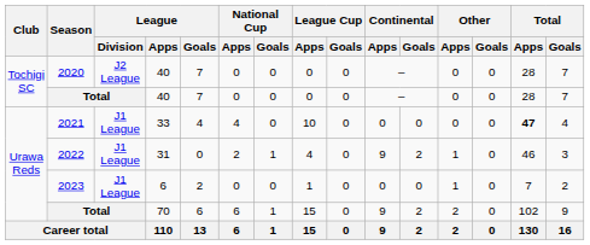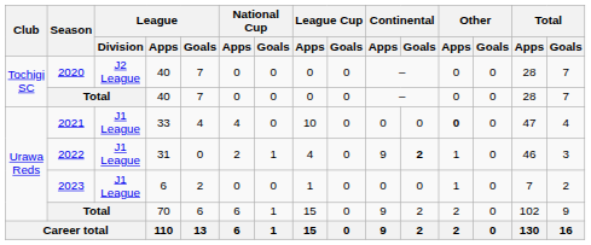 <table class="wikitable" style="text-align: center">
 <tr>
 <th rowspan="2">Club</th>
 <th rowspan="2">Season</th>
 <th colspan="3">League</th>
 <th colspan="2">National Cup</th>
 <th colspan="2">League Cup</th>
 <th colspan="2">Continental</th>
 <th colspan="2">Other</th>
 <th colspan="2">Total</th>
 </tr>
 <tr>
 <th>Division</th>
 <th>Apps</th>
 <th>Goals</th>
 <th>Apps</th>
 <th>Goals</th>
 <th>Apps</th>
 <th>Goals</th>
 <th>Apps</th>
 <th>Goals</th>
 <th>Apps</th>
 <th>Goals</th>
 <th>Apps</th>
 <th>Goals</th>
 </tr>
 <tr>
 <td rowspan="2"><a href='#'>Tochigi SC</a></td>
 <td><a href='#'>2020</a></td>
 <td><a href='#'>J2 League</a></td>
 <td>40</td>
 <td>7</td>
 <td>0</td>
 <td>0</td>
 <td>0</td>
 <td>0</td>
 <td colspan="2">–</td>
 <td>0</td>
 <td>0</td>
 <td>28</td>
 <td>7</td>
 </tr>
 <tr>
 <th colspan="2">Total</th>
 <td>40</td>
 <td>7</td>
 <td>0</td>
 <td>0</td>
 <td>0</td>
 <td>0</td>
 <td colspan="2">–</td>
 <td>0</td>
 <td>0</td>
 <td>28</td>
 <td>7</td>
 </tr>
 <tr>
 <td rowspan="4"><a href='#'>Urawa Reds</a></td>
 <td><a href='#'>2021</a></td>
 <td><a href='#'>J1 League</a></td>
 <td>33</td>
 <td>4</td>
 <td>4</td>
 <td>0</td>
 <td>10</td>
 <td>0</td>
 <td>0</td>
 <td>0</td>
+<td><strong>0</strong></td>
 <td>0</td>
-<td>0</td>
-<td><strong>47</strong></td>
+<td>47</td>
 <td>4</td>
 </tr>
 <tr>
 <td><a href='#'>2022</a></td>
 <td><a href='#'>J1 League</a></td>
 <td>31</td>
 <td>0</td>
 <td>2</td>
 <td>1</td>
 <td>4</td>
 <td>0</td>
 <td>9</td>
-<td>2</td>
+<td><strong>2</strong></td>
 <td>1</td>
 <td>0</td>
 <td>46</td>
 <td>3</td>
 </tr>
 <tr>
 <td><a href='#'>2023</a></td>
 <td><a href='#'>J1 League</a></td>
 <td>6</td>
 <td>2</td>
 <td>0</td>
 <td>0</td>
 <td>1</td>
 <td>0</td>
 <td>0</td>
 <td>0</td>
 <td>1</td>
 <td>0</td>
 <td>7</td>
 <td>2</td>
 </tr>
 <tr>
 <th colspan="2">Total</th>
 <td>70</td>
 <td>6</td>
 <td>6</td>
 <td>1</td>
 <td>15</td>
 <td>0</td>
 <td>9</td>
 <td>2</td>
 <td>2</td>
 <td>0</td>
 <td>102</td>
 <td>9</td>
 </tr>
 <tr>
 <th colspan=3>Career total</th>
 <th>110</th>
 <th>13</th>
 <th>6</th>
 <th>1</th>
 <th>15</th>
 <th>0</th>
 <th>9</th>
 <th>2</th>
 <th>2</th>
 <th>0</th>
 <th>130</th>
 <th>16</th>
 </tr>
 </table>
